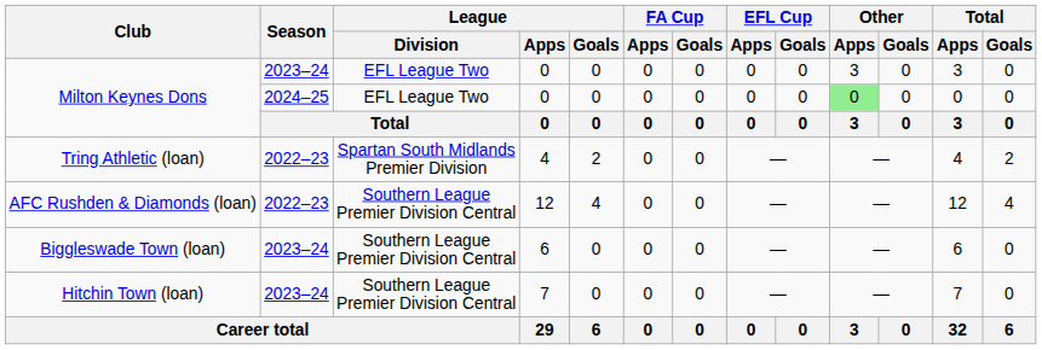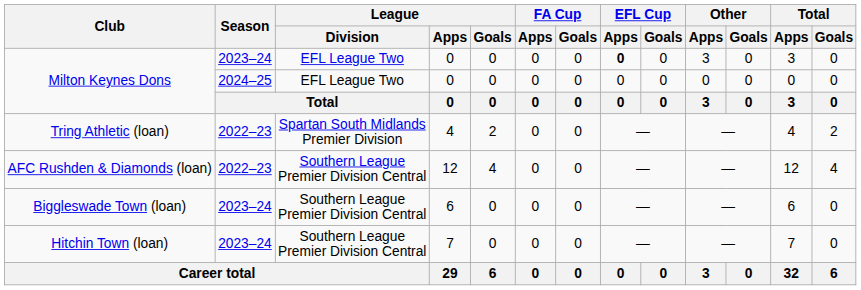 <table class="wikitable" style="text-align:center;">
 <tr>
 <th rowspan="2">Club</th>
 <th rowspan="2">Season</th>
 <th colspan="3">League</th>
 <th colspan="2"><a href='#'>FA Cup</a></th>
 <th colspan="2"><a href='#'>EFL Cup</a></th>
 <th colspan="2">Other</th>
 <th colspan="2">Total</th>
 </tr>
 <tr>
 <th>Division</th>
 <th>Apps</th>
 <th>Goals</th>
 <th>Apps</th>
 <th>Goals</th>
 <th>Apps</th>
 <th>Goals</th>
 <th>Apps</th>
 <th>Goals</th>
 <th>Apps</th>
 <th>Goals</th>
 </tr>
 <tr>
 <td rowspan="3"><a href='#'>Milton Keynes Dons</a></td>
 <td><a href='#'>2023–24</a></td>
 <td><a href='#'>EFL League Two</a></td>
 <td>0</td>
 <td>0</td>
 <td>0</td>
 <td>0</td>
-<td>0</td>
+<td><strong>0</strong></td>
 <td>0</td>
 <td>3</td>
 <td>0</td>
 <td>3</td>
 <td>0</td>
 </tr>
 <tr>
 <td><a href='#'>2024–25</a></td>
 <td>EFL League Two</td>
 <td>0</td>
 <td>0</td>
 <td>0</td>
 <td>0</td>
 <td>0</td>
 <td>0</td>
-<td style="background: lightgreen;">0</td>
+<td>0</td>
 <td>0</td>
 <td>0</td>
 <td>0</td>
 </tr>
 <tr>
 <th colspan="2">Total</th>
 <th>0</th>
 <th>0</th>
 <th>0</th>
 <th>0</th>
 <th>0</th>
 <th>0</th>
 <th>3</th>
 <th>0</th>
 <th>3</th>
 <th>0</th>
 </tr>
 <tr>
 <td><a href='#'>Tring Athletic</a> (loan)</td>
 <td><a href='#'>2022–23</a></td>
 <td><a href='#'>Spartan South Midlands</a><br>Premier Division</td>
 <td>4</td>
 <td>2</td>
 <td>0</td>
 <td>0</td>
 <td colspan=2>—</td>
 <td colspan=2>—</td>
 <td>4</td>
 <td>2</td>
 </tr>
 <tr>
 <td><a href='#'>AFC Rushden & Diamonds</a> (loan)</td>
 <td><a href='#'>2022–23</a></td>
 <td><a href='#'>Southern League</a><br>Premier Division Central</td>
 <td>12</td>
 <td>4</td>
 <td>0</td>
 <td>0</td>
 <td colspan=2>—</td>
 <td colspan=2>—</td>
 <td>12</td>
 <td>4</td>
 </tr>
 <tr>
 <td><a href='#'>Biggleswade Town</a> (loan)</td>
 <td><a href='#'>2023–24</a></td>
 <td>Southern League<br>Premier Division Central</td>
 <td>6</td>
 <td>0</td>
 <td>0</td>
 <td>0</td>
 <td colspan=2>—</td>
 <td colspan=2>—</td>
 <td>6</td>
 <td>0</td>
 </tr>
 <tr>
 <td><a href='#'>Hitchin Town</a> (loan)</td>
 <td><a href='#'>2023–24</a></td>
 <td>Southern League<br>Premier Division Central</td>
 <td>7</td>
 <td>0</td>
 <td>0</td>
 <td>0</td>
 <td colspan=2>—</td>
 <td colspan=2>—</td>
 <td>7</td>
 <td>0</td>
 </tr>
 <tr>
 <th colspan="3">Career total</th>
 <th>29</th>
 <th>6</th>
 <th>0</th>
 <th>0</th>
 <th>0</th>
 <th>0</th>
 <th>3</th>
 <th>0</th>
 <th>32</th>
 <th>6</th>
 </tr>
 </table>
